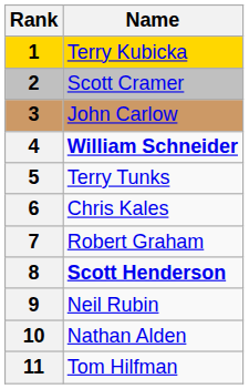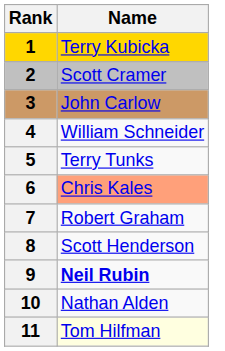 <table class="wikitable">
 <tr>
 <th>Rank</th>
 <th>Name</th>
 </tr>
 <tr bgcolor="gold">
 <td align="center"><strong>1</strong></td>
 <td><a href='#'>Terry Kubicka</a></td>
 </tr>
 <tr bgcolor="silver">
 <td align="center"><strong>2</strong></td>
 <td><a href='#'>Scott Cramer</a></td>
 </tr>
 <tr bgcolor="cc9966">
 <td align="center"><strong>3</strong></td>
 <td><a href='#'>John Carlow</a></td>
 </tr>
 <tr>
 <th>4</th>
-<td><strong><a href='#'>William Schneider</a></strong></td>
+<td><a href='#'>William Schneider</a></td>
 </tr>
 <tr>
 <th>5</th>
 <td><a href='#'>Terry Tunks</a></td>
 </tr>
 <tr>
 <th>6</th>
-<td><a href='#'>Chris Kales</a></td>
+<td style="background: lightsalmon;"><a href='#'>Chris Kales</a></td>
 </tr>
 <tr>
 <th>7</th>
 <td><a href='#'>Robert Graham</a></td>
 </tr>
 <tr>
 <th>8</th>
-<td><strong><a href='#'>Scott Henderson</a></strong></td>
+<td><a href='#'>Scott Henderson</a></td>
 </tr>
 <tr>
 <th>9</th>
-<td><a href='#'>Neil Rubin</a></td>
+<td><strong><a href='#'>Neil Rubin</a></strong></td>
 </tr>
 <tr>
 <th>10</th>
 <td><a href='#'>Nathan Alden</a></td>
 </tr>
 <tr>
 <th>11</th>
-<td><a href='#'>Tom Hilfman</a></td>
+<td style="background: lightyellow;"><a href='#'>Tom Hilfman</a></td>
 </tr>
 </table>
